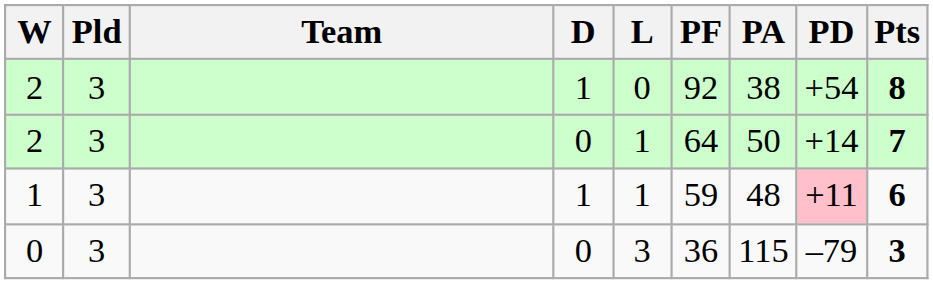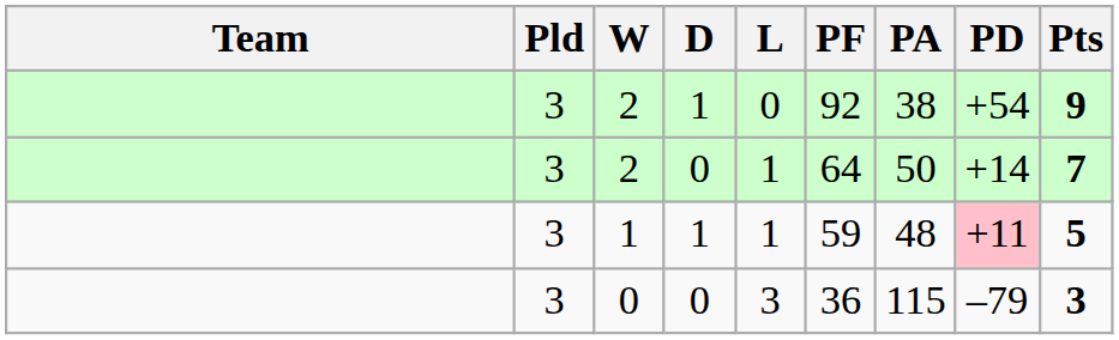 <table class="wikitable" style="text-align:center;">
 <tr>
+<th width=190>Team</th>
+<th width=20 abbr="Played">Pld</th>
 <th width=20 abbr="Won">W</th>
-<th width=20 abbr="Played">Pld</th>
-<th width=190>Team</th>
 <th width=20 abbr="Drawn">D</th>
 <th width=20 abbr="Lost">L</th>
 <th width=20 abbr="Points for">PF</th>
 <th width=20 abbr="Points against">PA</th>
 <th width=25 abbr="Points difference">PD</th>
 <th width=20 abbr="Points">Pts</th>
 </tr>
 <tr style="background:#ccffcc">
+<td align=left></td>
+<td>3</td>
 <td>2</td>
-<td>3</td>
-<td align=left></td>
 <td>1</td>
 <td>0</td>
 <td>92</td>
 <td>38</td>
 <td>+54</td>
-<td><strong>8</strong></td>
+<td><strong>9</strong></td>
 </tr>
 <tr style="background:#ccffcc">
+<td align=left></td>
+<td>3</td>
 <td>2</td>
-<td>3</td>
-<td align=left></td>
 <td>0</td>
 <td>1</td>
 <td>64</td>
 <td>50</td>
 <td>+14</td>
 <td><strong>7</strong></td>
 </tr>
 <tr>
+<td align=left></td>
+<td>3</td>
 <td>1</td>
-<td>3</td>
-<td align=left></td>
 <td>1</td>
 <td>1</td>
 <td>59</td>
 <td>48</td>
 <td style="background: pink;">+11</td>
-<td><strong>6</strong></td>
+<td><strong>5</strong></td>
 </tr>
 <tr>
+<td align=left></td>
+<td>3</td>
 <td>0</td>
-<td>3</td>
-<td align=left></td>
 <td>0</td>
 <td>3</td>
 <td>36</td>
 <td>115</td>
 <td>–79</td>
 <td><strong>3</strong></td>
 </tr>
 </table>
